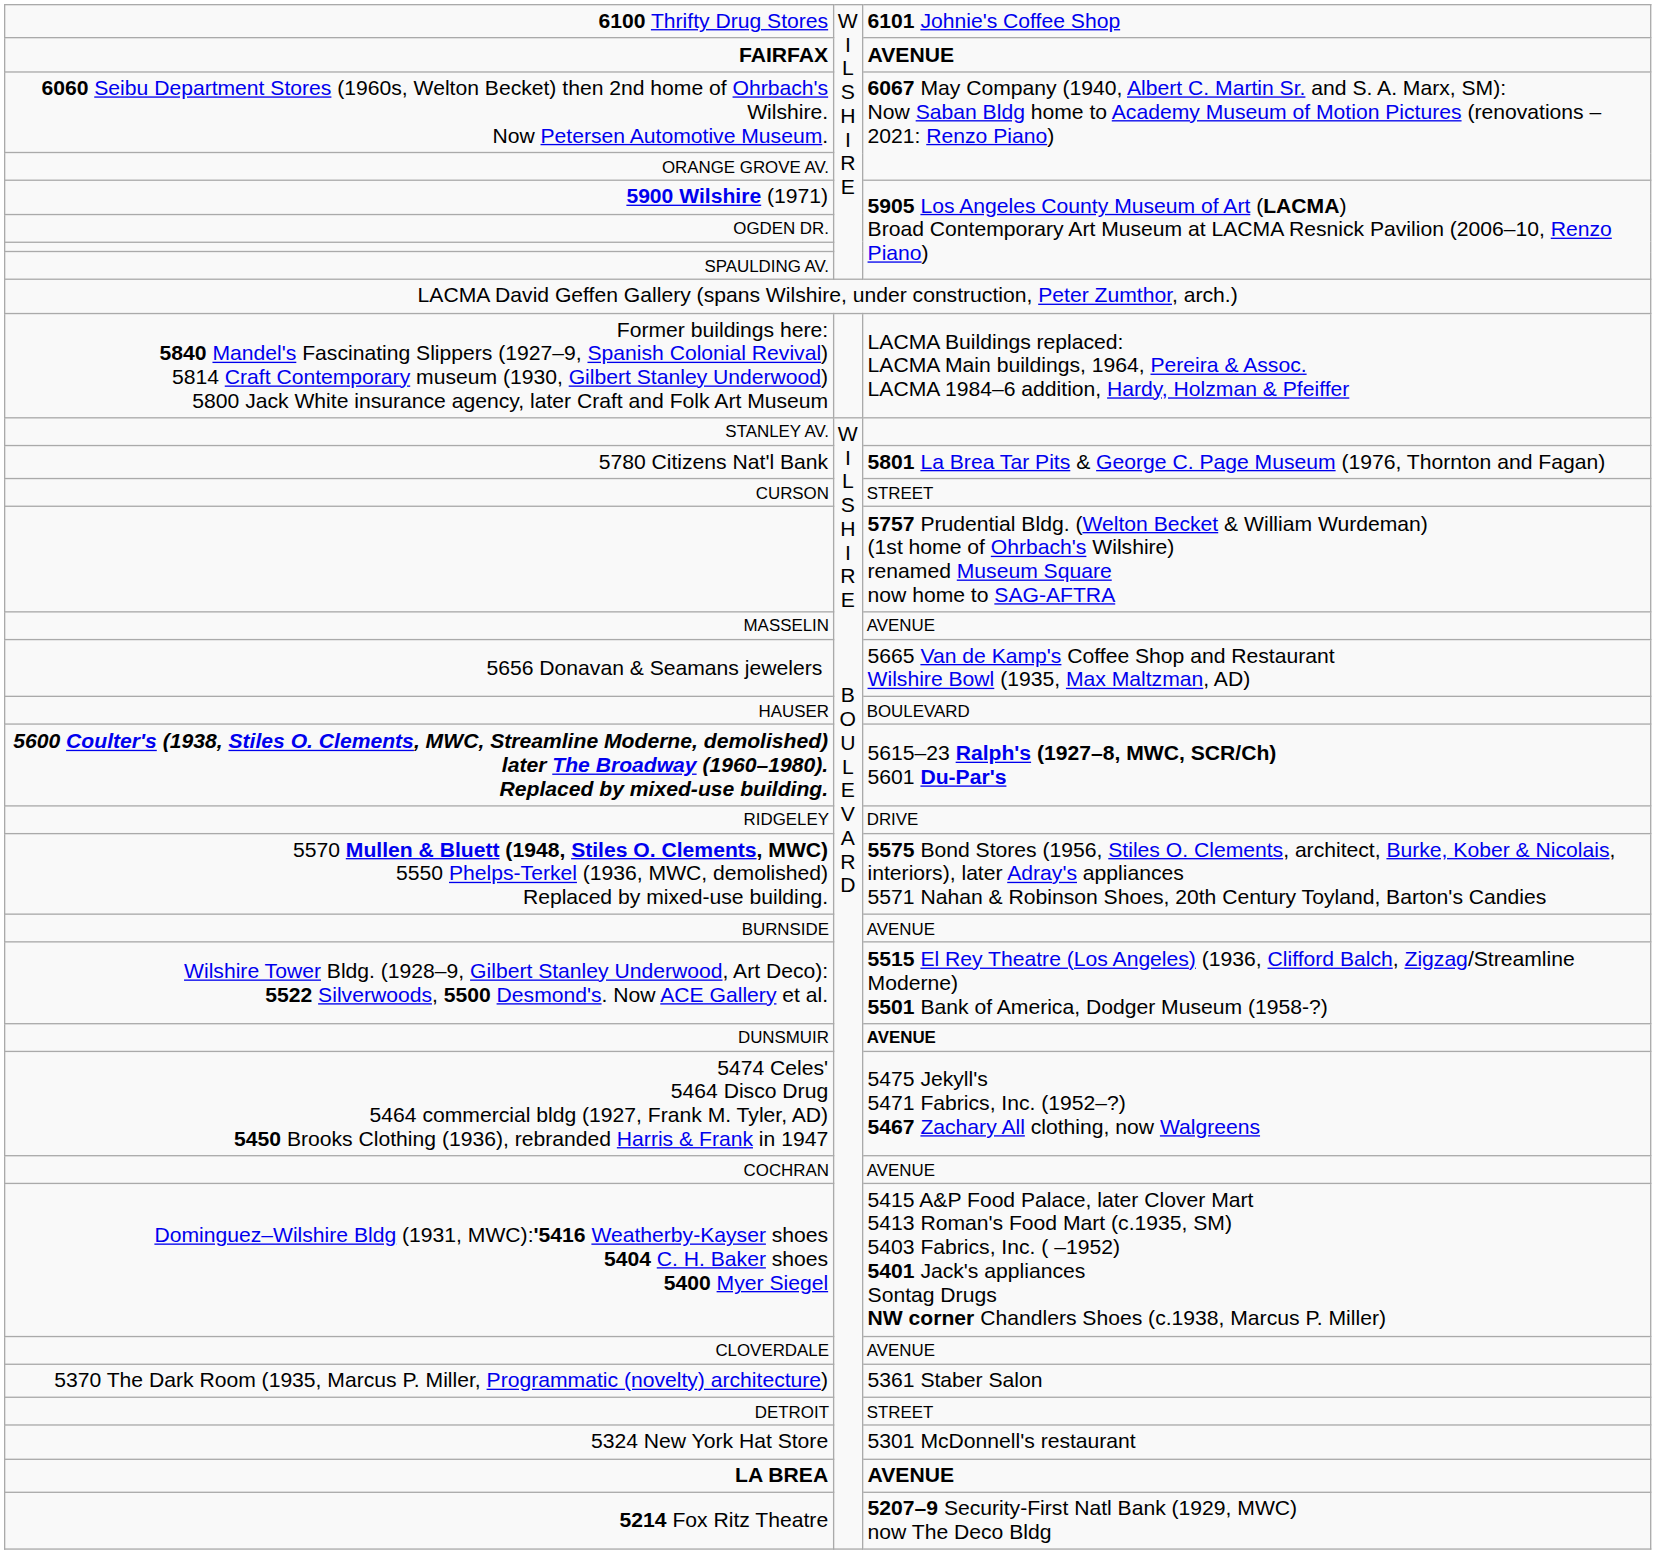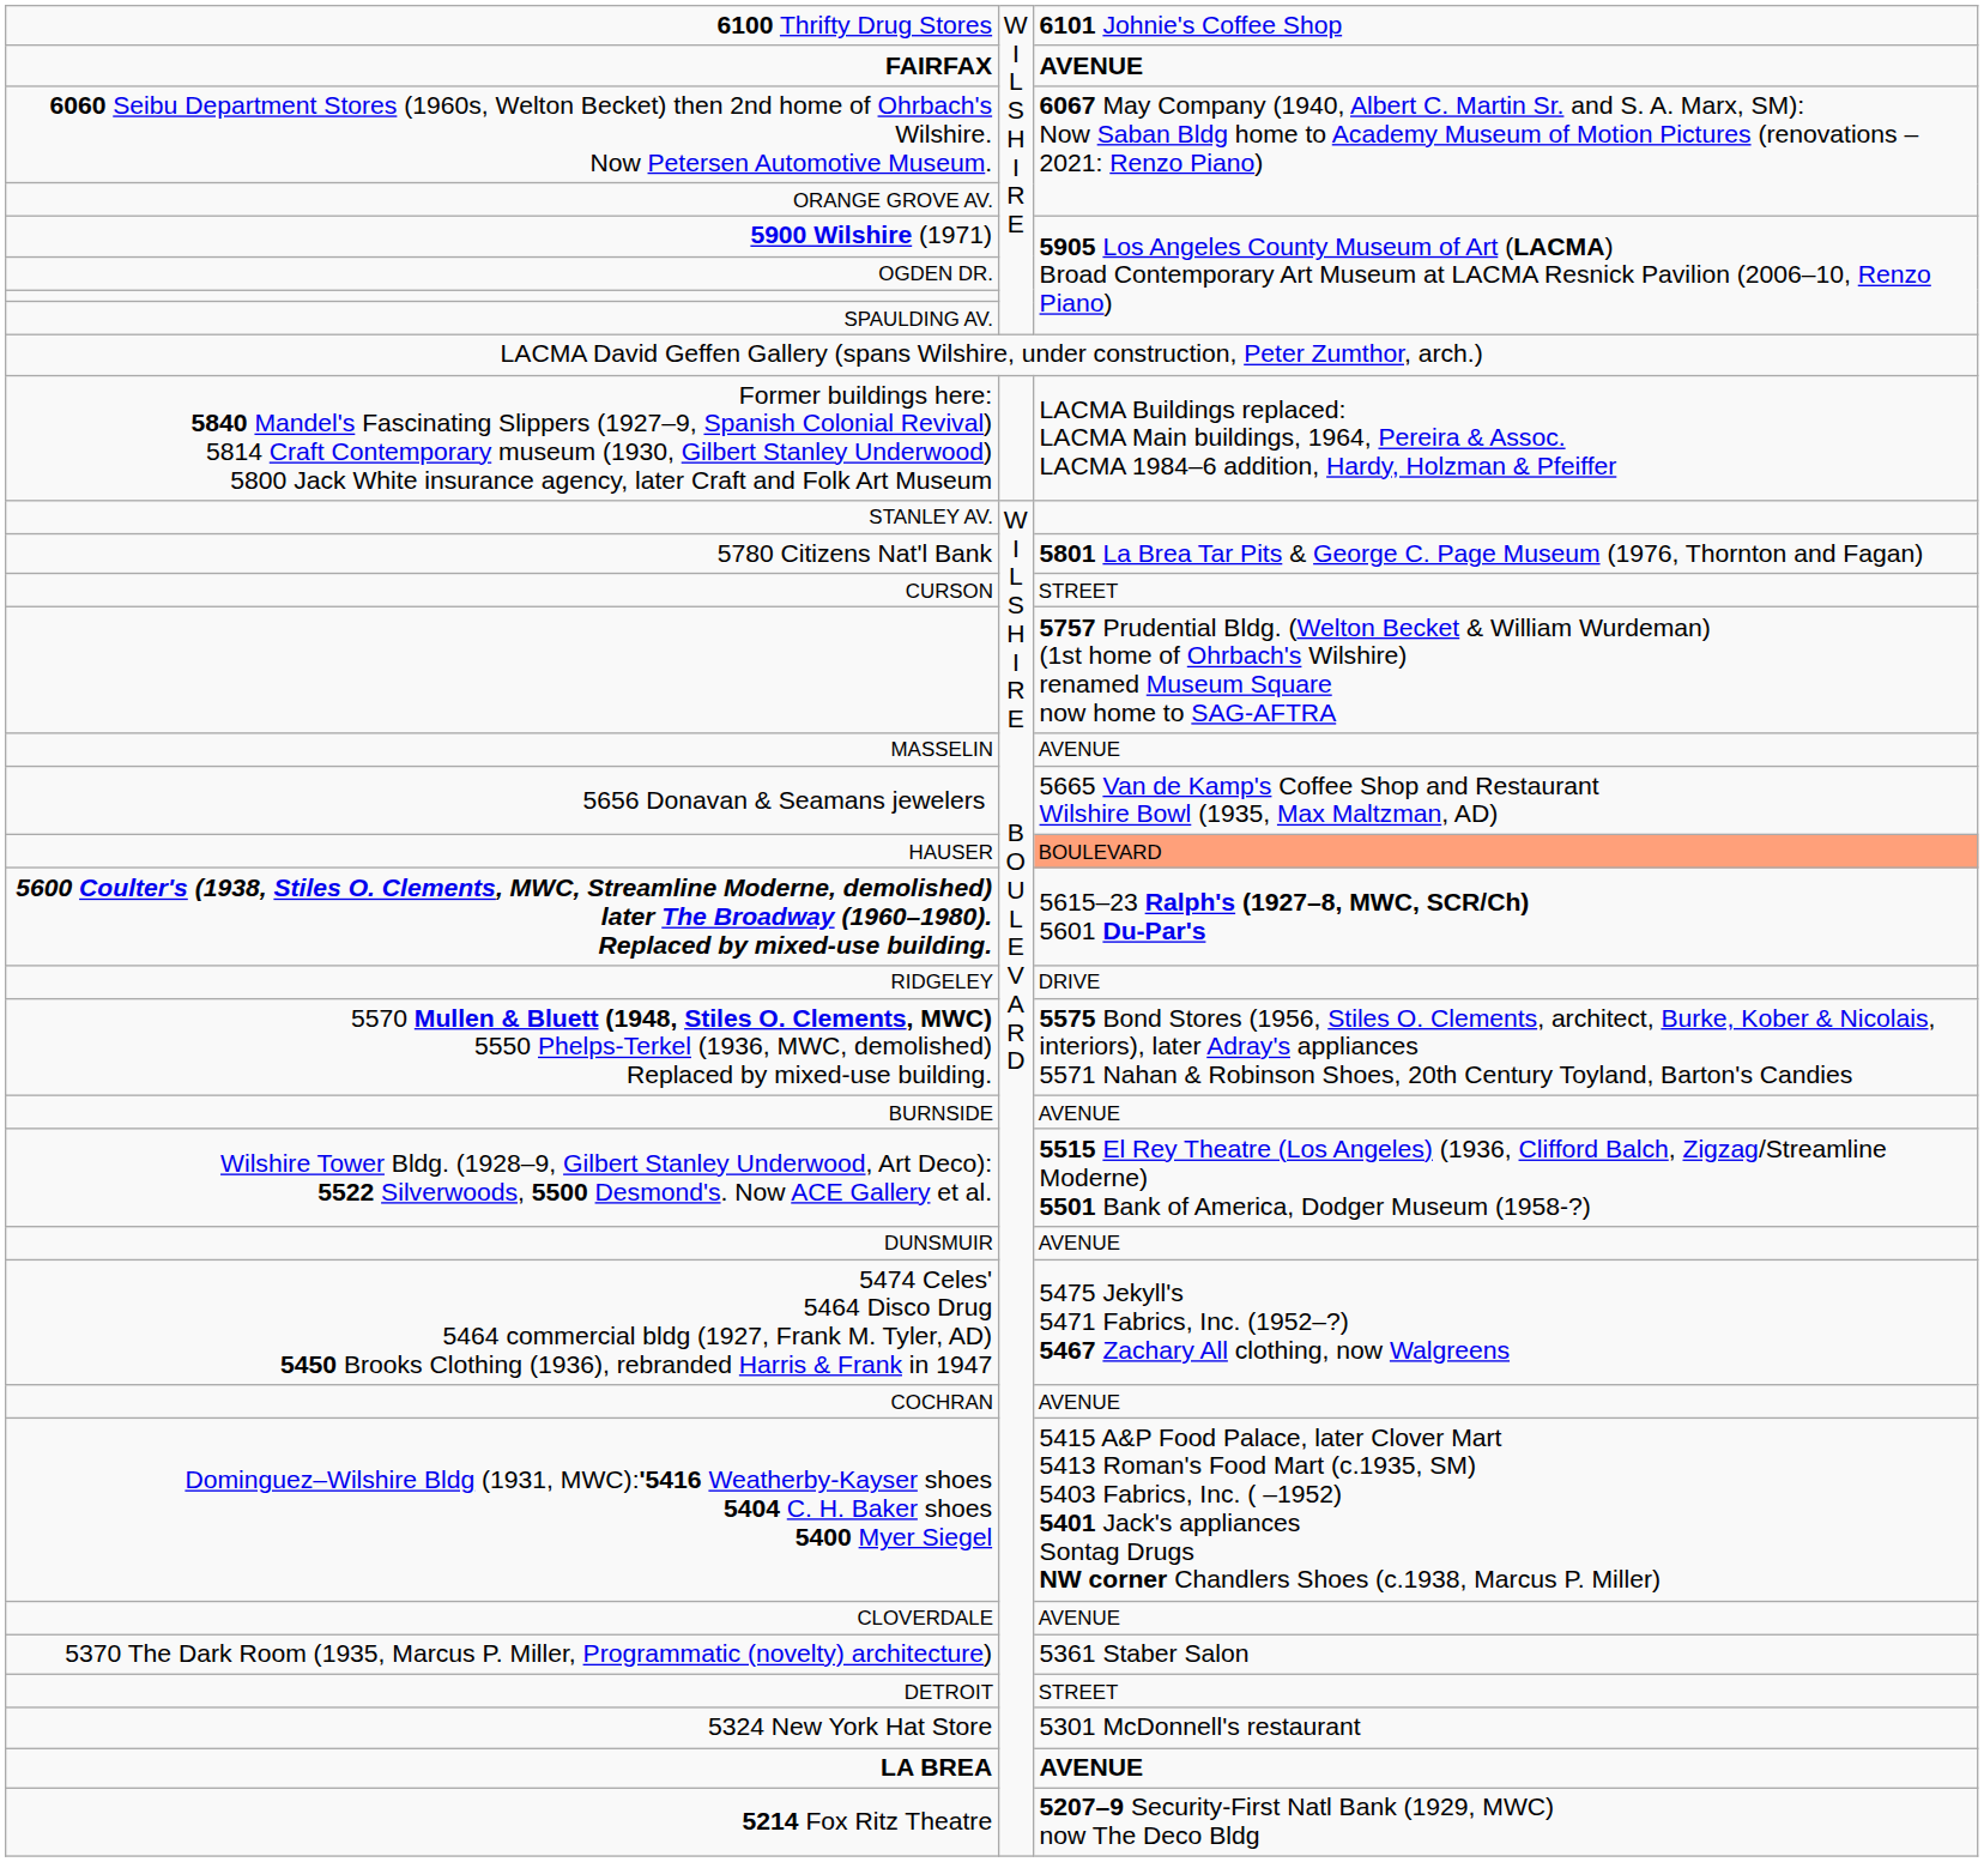 <table class=wikitable>
 <tr>
 <td style="text-align:right;"><strong>6100</strong> <a href='#'>Thrifty Drug Stores</a></td>
 <td rowspan=8 style="text-align:center;vertical-align:top;">W<br>I<br>L<br>S<br>H<br>I<br>R<br>E</td>
 <td><strong>6101</strong> <a href='#'>Johnie's Coffee Shop</a></td>
 </tr>
 <tr>
 <td style="text-align:right;"><strong>FAIRFAX</strong></td>
 <td><strong>AVENUE</strong></td>
 </tr>
 <tr>
 <td style="text-align:right;"><strong>6060</strong> <a href='#'>Seibu Department Stores</a> (1960s, Welton Becket) then 2nd home of <a href='#'>Ohrbach's</a> Wilshire.<br>Now <a href='#'>Petersen Automotive Museum</a>.</td>
 <td rowspan=2 style="vertical-align:top;"><strong>6067</strong> May Company (1940, <a href='#'>Albert C. Martin Sr.</a> and S. A. Marx, SM):<br>Now <a href='#'>Saban Bldg</a> home to <a href='#'>Academy Museum of Motion Pictures</a> (renovations –2021: <a href='#'>Renzo Piano</a>)</td>
 </tr>
 <tr>
 <td style="text-align:right;font-size:80%;">ORANGE GROVE AV.</td>
 </tr>
 <tr>
 <td style="text-align:right;"><strong><a href='#'>5900 Wilshire</a></strong> (1971)</td>
 <td rowspan=4 style="vertical-align:middle;"><strong>5905</strong> <a href='#'>Los Angeles County Museum of Art</a> (<strong>LACMA</strong>)<br>Broad Contemporary Art Museum at LACMA Resnick Pavilion (2006–10, <a href='#'>Renzo Piano</a>)︎</td>
 </tr>
 <tr>
 <td style="text-align:right;font-size:80%;">OGDEN DR.</td>
 </tr>
 <tr>
 <td style="text-align:right;"></td>
 </tr>
 <tr>
 <td style="text-align:right;font-size:80%;">SPAULDING AV.</td>
 </tr>
 <tr>
 <td style="text-align:center;" colspan=3>LACMA David Geffen Gallery (spans Wilshire, under construction, <a href='#'>Peter Zumthor</a>, arch.)</td>
 </tr>
 <tr>
 <td style="text-align:right;">Former buildings here:<br><strong>5840</strong> <a href='#'>Mandel's</a> Fascinating Slippers (1927–9, <a href='#'>Spanish Colonial Revival</a>)<br>5814 <a href='#'>Craft Contemporary</a> museum (1930, <a href='#'>Gilbert Stanley Underwood</a>)<br>5800 Jack White insurance agency, later Craft and Folk Art Museum</td>
 <td></td>
 <td>LACMA Buildings replaced: <br>LACMA Main buildings, 1964, <a href='#'>Pereira & Assoc.</a><br>LACMA 1984–6 addition, <a href='#'>Hardy, Holzman & Pfeiffer</a></td>
 </tr>
 <tr>
 <td style="text-align:right;font-size:80%;">STANLEY AV.</td>
 <td rowspan=22 style="text-align:center;vertical-align:top;">W<br>I<br>L<br>S<br>H<br>I<br>R<br>E<br><br><br><br>B<br>O<br>U<br>L<br>E<br>V<br>A<br>R<br>D</td>
 <td></td>
 </tr>
 <tr>
 <td style="text-align:right;">5780 Citizens Nat'l Bank</td>
 <td tyle="vertical-align:middle;"><strong>5801</strong> <a href='#'>La Brea Tar Pits</a> & <a href='#'>George C. Page Museum</a> (1976, Thornton and Fagan)</td>
 </tr>
 <tr>
 <td style="text-align:right;font-size:80%;">CURSON</td>
 <td style="text-align:left;font-size:80%;">STREET</td>
 </tr>
 <tr>
 <td style="text-align:right;"></td>
 <td><strong>5757</strong> Prudential Bldg. (<a href='#'>Welton Becket</a> & William Wurdeman)<br>(1st home of <a href='#'>Ohrbach's</a> Wilshire)<br>renamed <a href='#'>Museum Square</a><br>now home to <a href='#'>SAG-AFTRA</a></td>
 </tr>
 <tr>
 <td style="text-align:right;font-size:80%;">MASSELIN</td>
 <td style="text-align:left;font-size:80%;">AVENUE</td>
 </tr>
 <tr>
 <td style="text-align:right;">5656 Donavan & Seamans jewelers ︎</td>
 <td>5665 <a href='#'>Van de Kamp's</a> Coffee Shop and Restaurant<br><a href='#'>Wilshire Bowl</a> (1935, <a href='#'>Max Maltzman</a>, AD)</td>
 </tr>
 <tr>
 <td style="text-align:right;font-size:80%;">HAUSER</td>
-<td style="text-align:left;font-size:80%;">BOULEVARD</td>
+<td style="background: lightsalmon; text-align:left;font-size:80%;">BOULEVARD</td>
 </tr>
 <tr>
 <td style="text-align:right;"><strong><em>5600<strong> <a href='#'>Coulter's</a> (1938, <a href='#'>Stiles O. Clements</a>, MWC, Streamline Moderne, demolished) later <a href='#'>The Broadway</a> (1960–1980).<em><br>Replaced by mixed-use building.</td>
 <td></strong>5615–23<strong> <a href='#'>Ralph's</a> (1927–8, MWC, SCR/Ch)<br></strong>5601<strong> <a href='#'>Du-Par's</a></td>
 </tr>
 <tr>
 <td style="text-align:right;font-size:80%;">RIDGELEY</td>
 <td style="text-align:left;font-size:80%;">DRIVE</td>
 </tr>
 <tr>
 <td style="text-align:right;"></strong>5570<strong> <a href='#'>Mullen & Bluett</a> (1948, <a href='#'>Stiles O. Clements</a>, MWC)<br></em></strong>5550</strong> <a href='#'>Phelps-Terkel</a> (1936, MWC, demolished)<br>Replaced by mixed-use building.</em></td>
 <td><strong>5575</strong> Bond Stores (1956, <a href='#'>Stiles O. Clements</a>, architect, <a href='#'>Burke, Kober & Nicolais</a>, interiors), later <a href='#'>Adray's</a> appliances<br>5571 Nahan & Robinson Shoes, 20th Century Toyland, Barton's Candies</td>
 </tr>
 <tr>
 <td style="text-align:right;font-size:80%;">BURNSIDE</td>
 <td style="text-align:left;font-size:80%;">AVENUE</td>
 </tr>
 <tr>
 <td style="text-align:right;"><a href='#'>Wilshire Tower</a> Bldg. (1928–9, <a href='#'>Gilbert Stanley Underwood</a>, Art Deco):<br><strong>5522</strong> <a href='#'>Silverwoods</a>, <strong>5500</strong> <a href='#'>Desmond's</a>. Now <a href='#'>ACE Gallery</a> et al.</td>
 <td><strong>5515</strong> <a href='#'>El Rey Theatre (Los Angeles)</a> (1936, <a href='#'>Clifford Balch</a>, <a href='#'>Zigzag</a>/Streamline Moderne)<br><strong>5501</strong> Bank of America, Dodger Museum (1958-?)</td>
 </tr>
 <tr>
 <td style="text-align:right;font-size:80%;">DUNSMUIR</td>
-<td style="text-align:left;font-size:80%;"><strong>AVENUE</strong></td>
+<td style="text-align:left;font-size:80%;">AVENUE</td>
 </tr>
 <tr>
 <td style="text-align:right;">5474 Celes'<br>5464 Disco Drug<br>5464 commercial bldg (1927, Frank M. Tyler, AD)<br><strong>5450</strong> Brooks Clothing (1936), rebranded <a href='#'>Harris & Frank</a> in 1947</td>
 <td>5475 Jekyll's<br>5471 Fabrics, Inc. (1952–?)<br><strong>5467</strong> <a href='#'>Zachary All</a> clothing, now <a href='#'>Walgreens</a></td>
 </tr>
 <tr>
 <td style="text-align:right;font-size:80%;">COCHRAN</td>
 <td style="text-align:left;font-size:80%;">AVENUE</td>
 </tr>
 <tr>
 <td style="text-align:right;"><a href='#'>Dominguez–Wilshire Bldg</a> (1931, MWC):<strong>'5416</strong> <a href='#'>Weatherby-Kayser</a> shoes<br><strong>5404</strong> <a href='#'>C. H. Baker</a> shoes<br><strong>5400</strong> <a href='#'>Myer Siegel</a></td>
 <td>5415 A&P Food Palace, later Clover Mart<br>5413 Roman's Food Mart (c.1935, SM)<br>5403 Fabrics, Inc. ( –1952)<br><strong>5401</strong> Jack's appliances<br>Sontag Drugs<br><strong>NW corner</strong> Chandlers Shoes (c.1938, Marcus P. Miller)</td>
 </tr>
 <tr>
 <td style="text-align:right;font-size:80%;">CLOVERDALE</td>
 <td style="text-align:left;font-size:80%;">AVENUE</td>
 </tr>
 <tr>
 <td style="text-align:right;">5370 The Dark Room (1935, Marcus P. Miller, <a href='#'>Programmatic (novelty) architecture</a>)</td>
 <td>5361 Staber Salon</td>
 </tr>
 <tr>
 <td style="text-align:right;font-size:80%;">DETROIT</td>
 <td style="text-align:left;font-size:80%;">STREET</td>
 </tr>
 <tr>
 <td style="text-align:right;">5324 New York Hat Store</td>
 <td>5301 McDonnell's restaurant</td>
 </tr>
 <tr>
 <td style="text-align:right;"><strong>LA BREA</strong></td>
 <td><strong>AVENUE</strong></td>
 </tr>
 <tr>
 <td style="text-align:right;"><strong>5214</strong> Fox Ritz Theatre</td>
 <td><strong>5207–9</strong> Security-First Natl Bank (1929, MWC)<br> now The Deco Bldg</td>
 </tr>
 </table>
